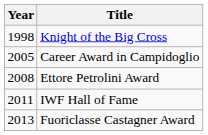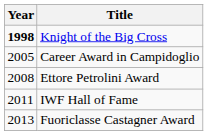 <table class="wikitable">
 <tr>
 <th>Year</th>
 <th>Title</th>
 </tr>
 <tr>
-<td>1998</td>
+<td><strong>1998</strong></td>
 <td><a href='#'>Knight of the Big Cross</a></td>
 </tr>
 <tr>
 <td>2005</td>
 <td>Career Award in Campidoglio</td>
 </tr>
 <tr>
 <td>2008</td>
 <td>Ettore Petrolini Award</td>
 </tr>
 <tr>
 <td>2011</td>
 <td>IWF Hall of Fame</td>
 </tr>
 <tr>
 <td>2013</td>
 <td>Fuoriclasse Castagner Award</td>
 </tr>
 </table>
